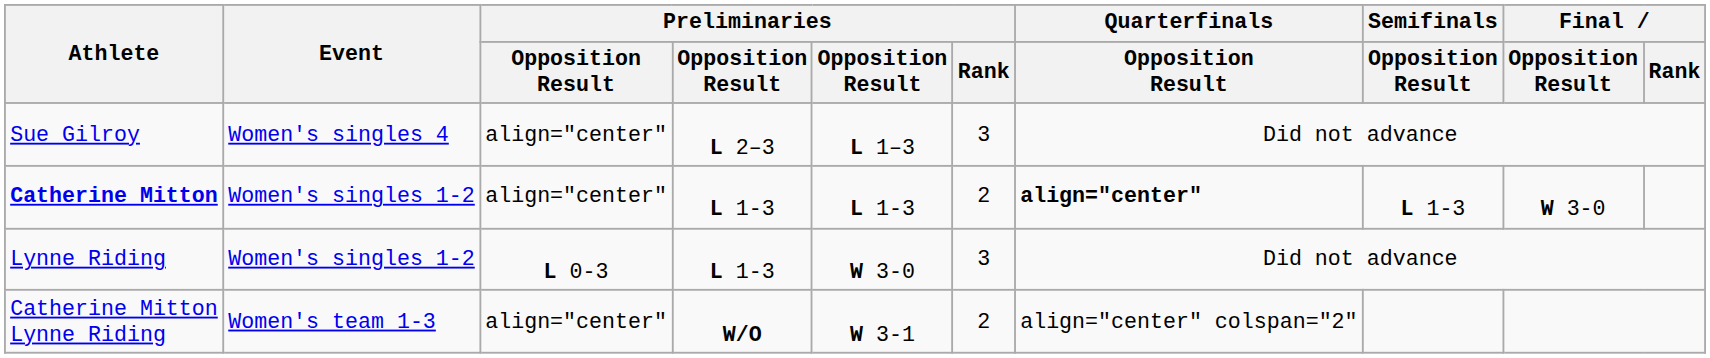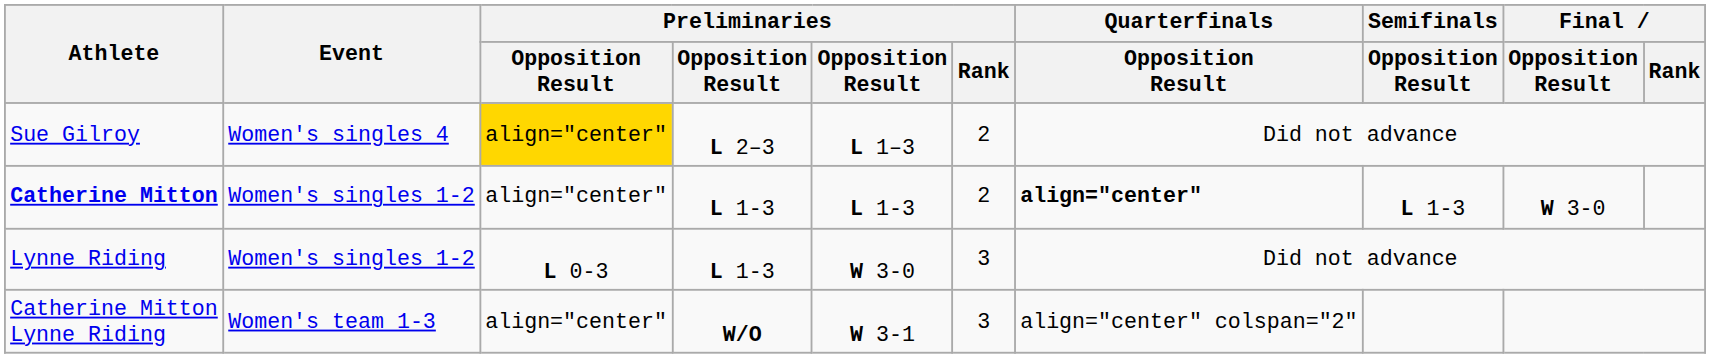 <table class=wikitable style="font-size:90%">
 <tr>
 <th rowspan="2">Athlete</th>
 <th rowspan="2">Event</th>
 <th colspan="4">Preliminaries</th>
 <th>Quarterfinals</th>
 <th>Semifinals</th>
 <th colspan="2">Final / </th>
 </tr>
 <tr>
 <th>Opposition<br>Result</th>
 <th>Opposition<br>Result</th>
 <th>Opposition<br>Result</th>
 <th>Rank</th>
 <th>Opposition<br>Result</th>
 <th>Opposition<br>Result</th>
 <th>Opposition<br>Result</th>
 <th>Rank</th>
 </tr>
 <tr>
 <td><a href='#'>Sue Gilroy</a></td>
 <td><a href='#'>Women's singles 4</a></td>
-<td>align="center" </td>
+<td style="background: gold;">align="center" </td>
 <td align="center"><br><strong>L</strong> 2–3</td>
 <td align="center"><br><strong>L</strong> 1–3</td>
-<td align="center">3</td>
+<td align="center">2</td>
 <td align="center" colspan="4">Did not advance</td>
 </tr>
 <tr>
 <td><strong><a href='#'>Catherine Mitton</a></strong></td>
 <td><a href='#'>Women's singles 1-2</a></td>
 <td>align="center" </td>
 <td align="center"><br><strong>L</strong> 1-3</td>
 <td align="center"><br><strong>L</strong> 1-3</td>
 <td align="center">2</td>
 <td><strong>align="center" </strong></td>
 <td align="center"><br><strong>L</strong> 1-3</td>
 <td align="center"><br><strong>W</strong> 3-0</td>
 <td align="center"></td>
 </tr>
 <tr>
 <td><a href='#'>Lynne Riding</a></td>
 <td><a href='#'>Women's singles 1-2</a></td>
 <td align="center"><br><strong>L</strong> 0-3</td>
 <td align="center"><br><strong>L</strong> 1-3</td>
 <td align="center"><br><strong>W</strong> 3-0</td>
 <td align="center">3</td>
 <td align="center" colspan="4">Did not advance</td>
 </tr>
 <tr>
 <td><a href='#'>Catherine Mitton</a><br> <a href='#'>Lynne Riding</a></td>
 <td><a href='#'>Women's team 1-3</a></td>
 <td>align="center" </td>
 <td align="center"><br><strong>W/O</strong></td>
 <td align="center"><br><strong>W</strong> 3-1</td>
-<td align="center">2</td>
+<td align="center">3</td>
 <td>align="center" colspan="2" </td>
 <td align="center"></td>
 </tr>
 </table>
